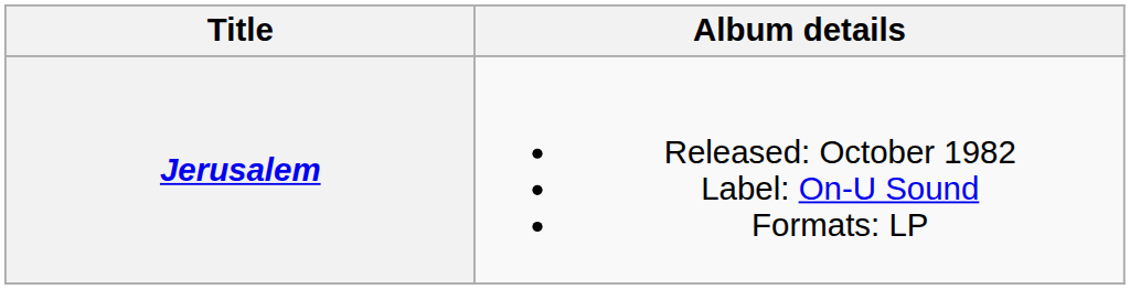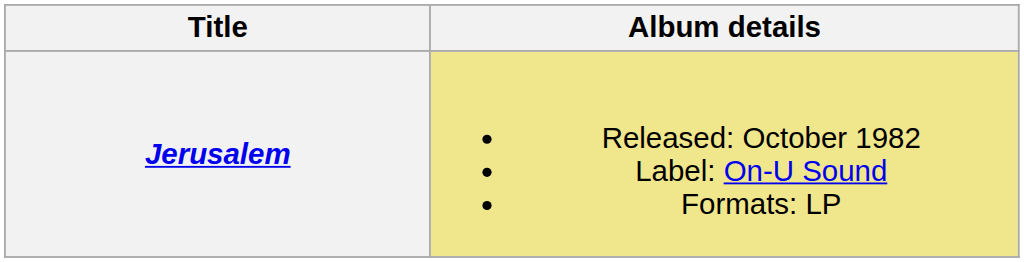 <table class="wikitable plainrowheaders" style="text-align:center;">
 <tr>
 <th scope="col" rowspan="1" style="width:14em;">Title</th>
 <th scope="col" rowspan="1" style="width:19.5em;">Album details</th>
 </tr>
 <tr>
 <th scope="row"><em><a href='#'>Jerusalem</a></em></th>
-<td><br><ul><li>Released: October 1982</li><li>Label: <a href='#'>On-U Sound</a></li><li>Formats: LP</li></ul></td>
+<td style="background: khaki;"><br><ul><li>Released: October 1982</li><li>Label: <a href='#'>On-U Sound</a></li><li>Formats: LP</li></ul></td>
 </tr>
 </table>
